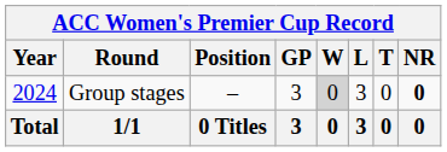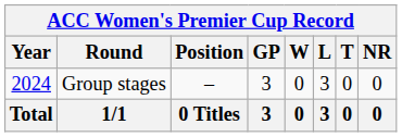 <table class="wikitable" style="text-align: center; width=900px;">
 <tr>
 <th colspan="8"><a href='#'>ACC Women's Premier Cup Record</a></th>
 </tr>
 <tr>
 <th>Year</th>
 <th>Round</th>
 <th>Position</th>
 <th>GP</th>
 <th>W</th>
 <th>L</th>
 <th>T</th>
 <th>NR</th>
 </tr>
 <tr>
 <td><a href='#'>2024</a> </td>
 <td>Group stages</td>
 <td>–</td>
 <td>3</td>
-<td style="background: lightgrey;">0</td>
+<td>0</td>
 <td>3</td>
 <td>0</td>
-<td><strong>0</strong></td>
+<td>0</td>
 </tr>
 <tr>
 <th>Total</th>
 <th>1/1</th>
 <th>0 Titles</th>
 <th>3</th>
 <th>0</th>
 <th>3</th>
 <th>0</th>
 <th>0</th>
 </tr>
 </table>
